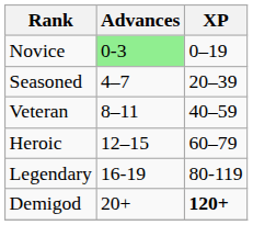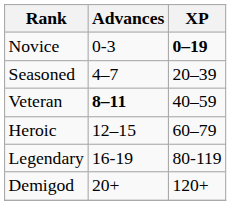 <table class="wikitable">
 <tr>
 <th>Rank</th>
 <th>Advances</th>
 <th>XP</th>
 </tr>
 <tr>
 <td>Novice</td>
-<td style="background: lightgreen;">0-3</td>
-<td>0–19</td>
+<td>0-3</td>
+<td><strong>0–19</strong></td>
 </tr>
 <tr>
 <td>Seasoned</td>
 <td>4–7</td>
 <td>20–39</td>
 </tr>
 <tr>
 <td>Veteran</td>
-<td>8–11</td>
+<td><strong>8–11</strong></td>
 <td>40–59</td>
 </tr>
 <tr>
 <td>Heroic</td>
 <td>12–15</td>
 <td>60–79</td>
 </tr>
 <tr>
 <td>Legendary</td>
 <td>16-19</td>
 <td>80-119</td>
 </tr>
 <tr>
 <td>Demigod</td>
 <td>20+</td>
-<td><strong>120+</strong></td>
+<td>120+</td>
 </tr>
 <tr>
 </tr>
 </table>
